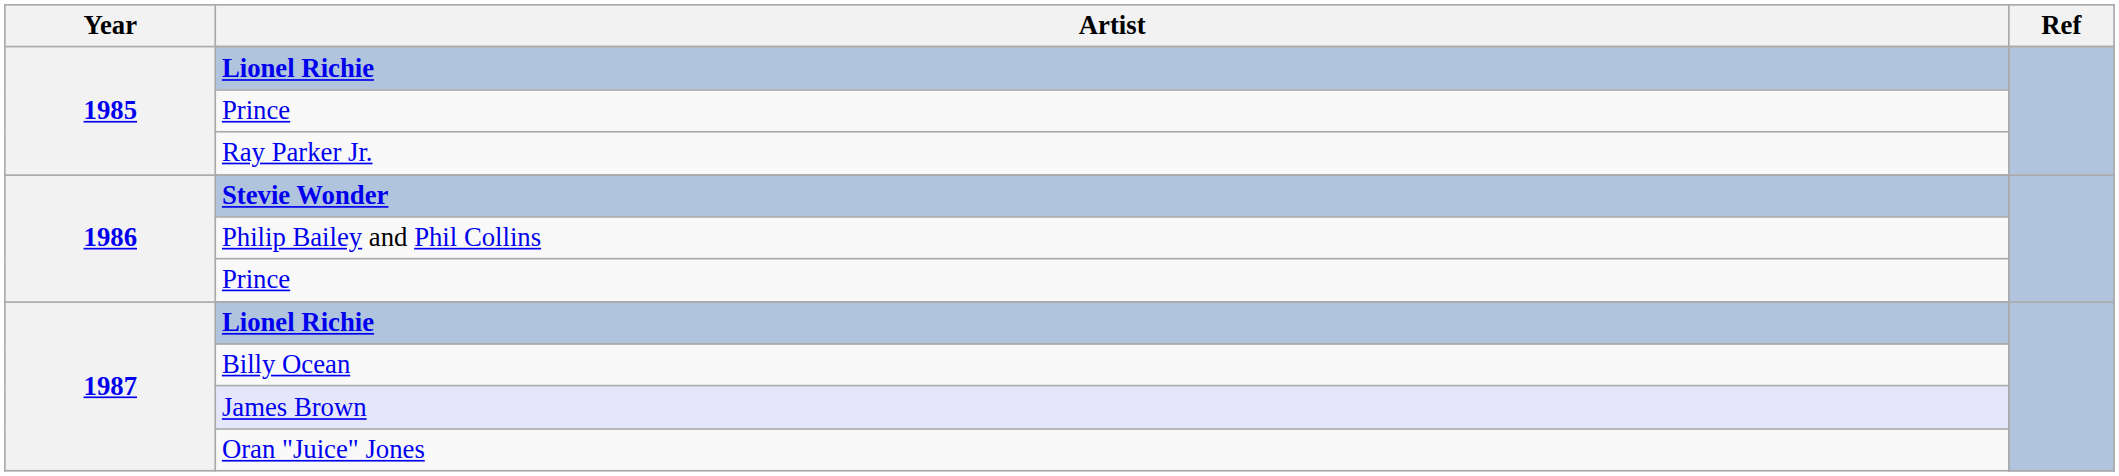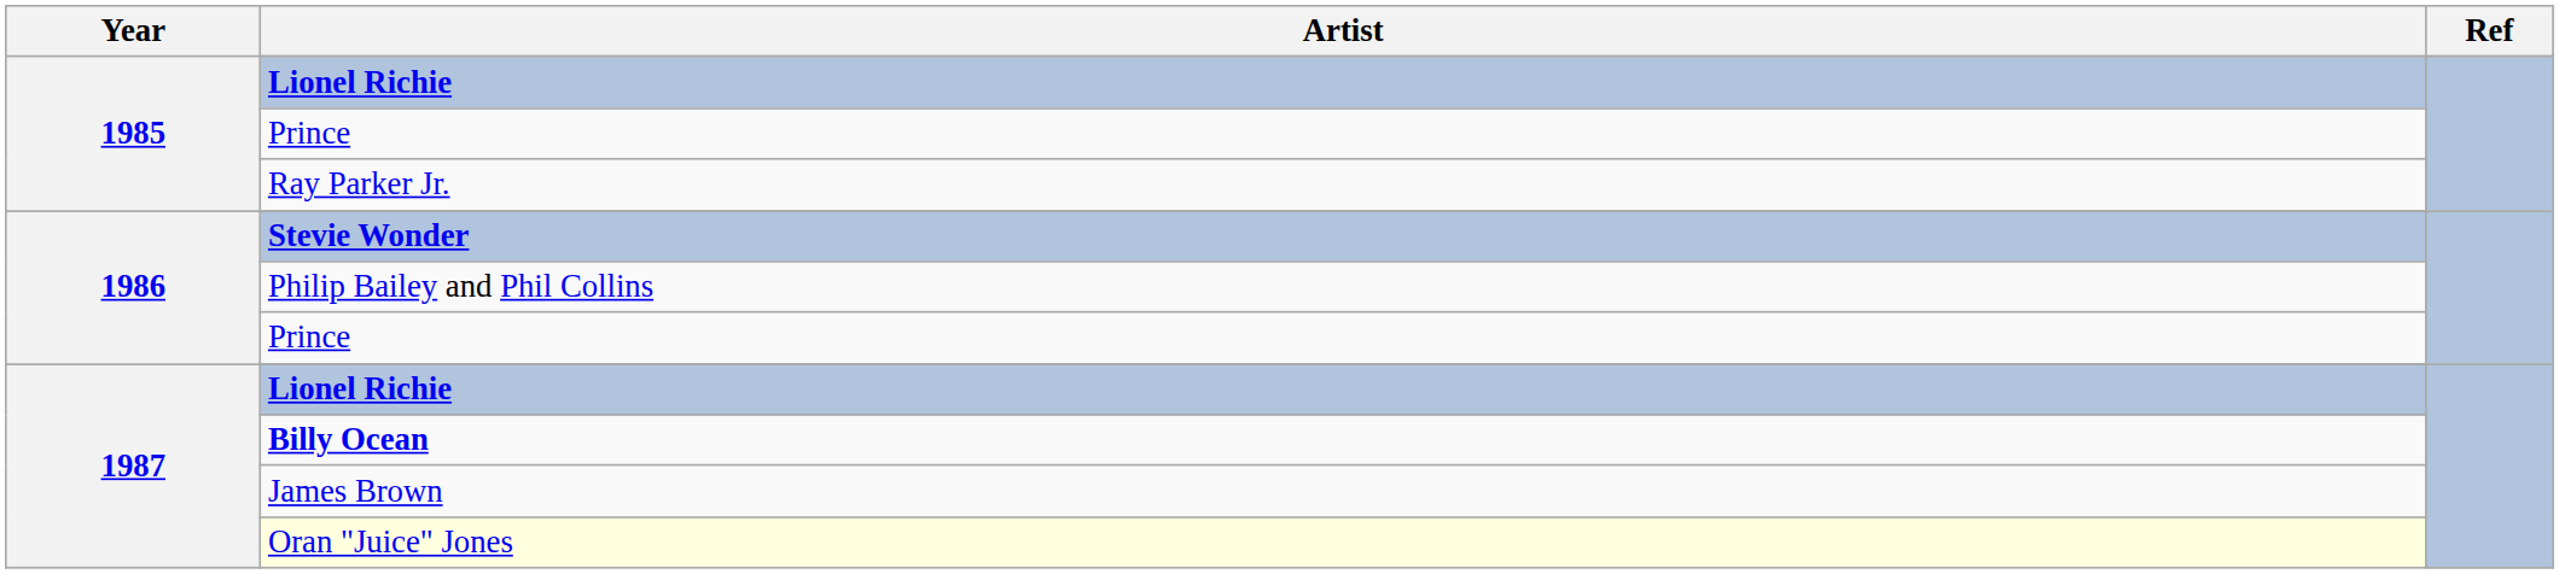 <table class="wikitable" width="100%">
 <tr>
 <th width="10%">Year</th>
 <th width="85%">Artist</th>
 <th width="5%">Ref</th>
 </tr>
 <tr>
 <th rowspan="4" align="center"><a href='#'>1985<br></a></th>
 </tr>
 <tr style="background:#B0C4DE">
 <td><strong><a href='#'>Lionel Richie</a></strong></td>
 <td rowspan="4" align="center"></td>
 </tr>
 <tr>
 <td><a href='#'>Prince</a></td>
 </tr>
 <tr>
 <td><a href='#'>Ray Parker Jr.</a></td>
 </tr>
 <tr>
 <th rowspan="4" align="center"><a href='#'>1986<br></a></th>
 </tr>
 <tr style="background:#B0C4DE">
 <td><strong><a href='#'>Stevie Wonder</a></strong></td>
 <td rowspan="4" align="center"></td>
 </tr>
 <tr>
 <td><a href='#'>Philip Bailey</a> and <a href='#'>Phil Collins</a></td>
 </tr>
 <tr>
 <td><a href='#'>Prince</a></td>
 </tr>
 <tr>
 <th rowspan="5" align="center"><a href='#'>1987<br></a></th>
 </tr>
 <tr style="background:#B0C4DE">
 <td><strong><a href='#'>Lionel Richie</a></strong></td>
 <td rowspan="5" align="center"></td>
 </tr>
 <tr>
-<td><a href='#'>Billy Ocean</a></td>
+<td><strong><a href='#'>Billy Ocean</a></strong></td>
 </tr>
 <tr>
-<td style="background: lavender;"><a href='#'>James Brown</a></td>
+<td><a href='#'>James Brown</a></td>
 </tr>
 <tr>
-<td><a href='#'>Oran "Juice" Jones</a></td>
+<td style="background: lightyellow;"><a href='#'>Oran "Juice" Jones</a></td>
 </tr>
 </table>
